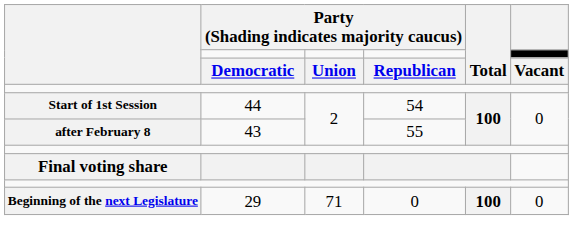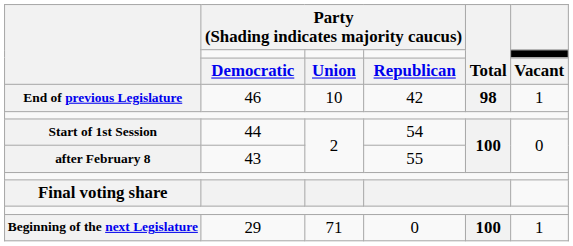 <table class=wikitable style="text-align:center">
 <tr style="vertical-align:bottom;">
 <th rowspan=3></th>
 <th colspan=3>Party <div>(Shading indicates majority caucus)</div></th>
 <th rowspan=3>Total</th>
 <th></th>
 </tr>
 <tr style="height:5px">
 <td style="background-color:"></td>
 <td style="background-color:"></td>
 <td style="background-color:"></td>
 <td style="background:black;"></td>
 </tr>
 <tr>
 <th><a href='#'>Democratic</a></th>
 <th><a href='#'>Union</a></th>
 <th><a href='#'>Republican</a></th>
 <th>Vacant</th>
+</tr>
+<tr>
+<th style="font-size:80%;">End of <a href='#'>previous Legislature</a></th>
+<td>46</td>
+<td>10</td>
+<td>42</td>
+<th>98</th>
+<td>1</td>
 </tr>
 <tr>
 <td colspan=6></td>
 </tr>
 <tr>
 <th style="font-size:80%;">Start of 1st Session</th>
 <td>44</td>
 <td rowspan="2" >2</td>
 <td>54</td>
 <th rowspan="2">100</th>
 <td rowspan="2">0</td>
 </tr>
 <tr>
 <th style="font-size:80%;">after February 8</th>
 <td>43</td>
 <td>55</td>
 </tr>
 <tr>
 <td colspan=6></td>
 </tr>
 <tr>
 <th>Final voting share</th>
 <th></th>
 <th></th>
 <th colspan=2></th>
 </tr>
 <tr>
 <td colspan=6></td>
 </tr>
 <tr>
 <th style="font-size:80%;">Beginning of the <a href='#'>next Legislature</a></th>
 <td>29</td>
 <td>71</td>
 <td>0</td>
 <th>100</th>
-<td>0</td>
+<td>1</td>
 </tr>
 </table>
